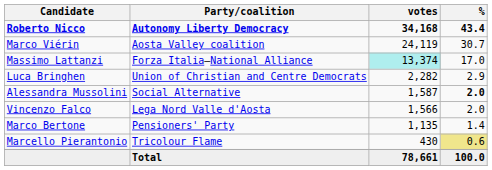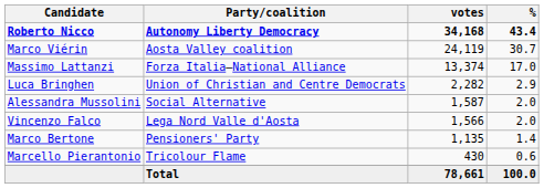 <table class="wikitable" style="font-size:95%">
 <tr bgcolor="EFEFEF">
 <th>Candidate</th>
 <th>Party/coalition</th>
 <th>      votes</th>
 <th>      %</th>
 </tr>
 <tr>
 <td><strong><a href='#'>Roberto Nicco</a></strong></td>
 <td><strong><a href='#'>Autonomy Liberty Democracy</a></strong></td>
 <td align=right><strong>34,168</strong></td>
 <td align=right><strong>43.4</strong></td>
 </tr>
 <tr>
 <td><a href='#'>Marco Viérin</a></td>
 <td><a href='#'>Aosta Valley coalition</a></td>
 <td align=right>24,119</td>
 <td align=right>30.7</td>
 </tr>
 <tr>
 <td><a href='#'>Massimo Lattanzi</a></td>
 <td><a href='#'>Forza Italia</a>–<a href='#'>National Alliance</a></td>
-<td align=right style="background: paleturquoise;">13,374</td>
+<td align=right>13,374</td>
 <td align=right>17.0</td>
 </tr>
 <tr>
 <td><a href='#'>Luca Bringhen</a></td>
 <td><a href='#'>Union of Christian and Centre Democrats</a></td>
 <td align=right>2,282</td>
 <td align=right>2.9</td>
 </tr>
 <tr>
 <td><a href='#'>Alessandra Mussolini</a></td>
 <td><a href='#'>Social Alternative</a></td>
 <td align=right>1,587</td>
-<td align=right><strong>2.0</strong></td>
+<td align=right>2.0</td>
 </tr>
 <tr>
 <td><a href='#'>Vincenzo Falco</a></td>
 <td><a href='#'>Lega Nord Valle d'Aosta</a></td>
 <td align=right>1,566</td>
 <td align=right>2.0</td>
 </tr>
 <tr>
 <td><a href='#'>Marco Bertone</a></td>
 <td><a href='#'>Pensioners' Party</a></td>
 <td align=right>1,135</td>
 <td align=right>1.4</td>
 </tr>
 <tr>
 <td><a href='#'>Marcello Pierantonio</a></td>
 <td><a href='#'>Tricolour Flame</a></td>
 <td align=right>430</td>
-<td align=right style="background: khaki;">0.6</td>
+<td align=right>0.6</td>
 </tr>
 <tr>
 </tr>
 <tr bgcolor="EFEFEF">
 <td></td>
 <td><strong>Total</strong></td>
 <td align=right><strong>78,661</strong></td>
 <td align=right><strong>100.0</strong></td>
 </tr>
 </table>
